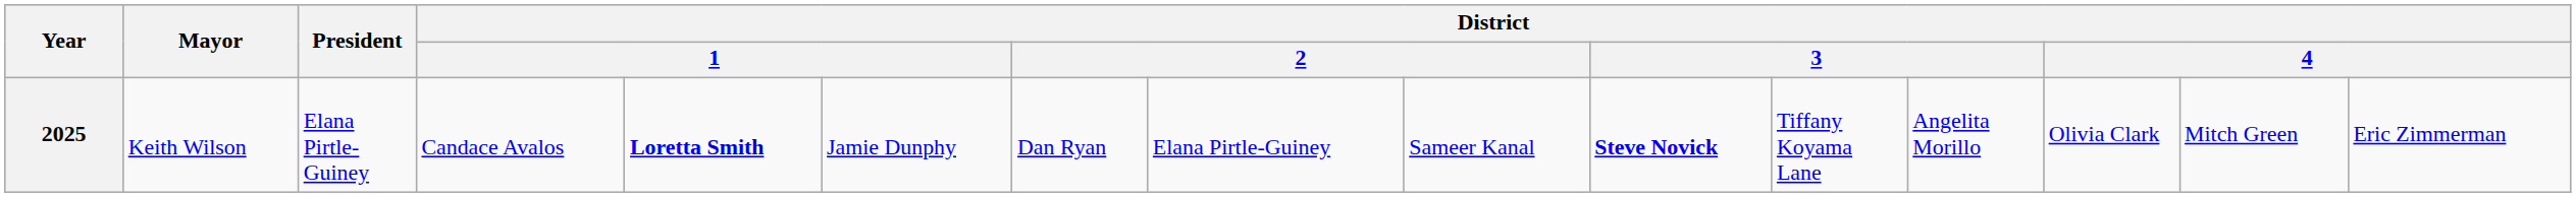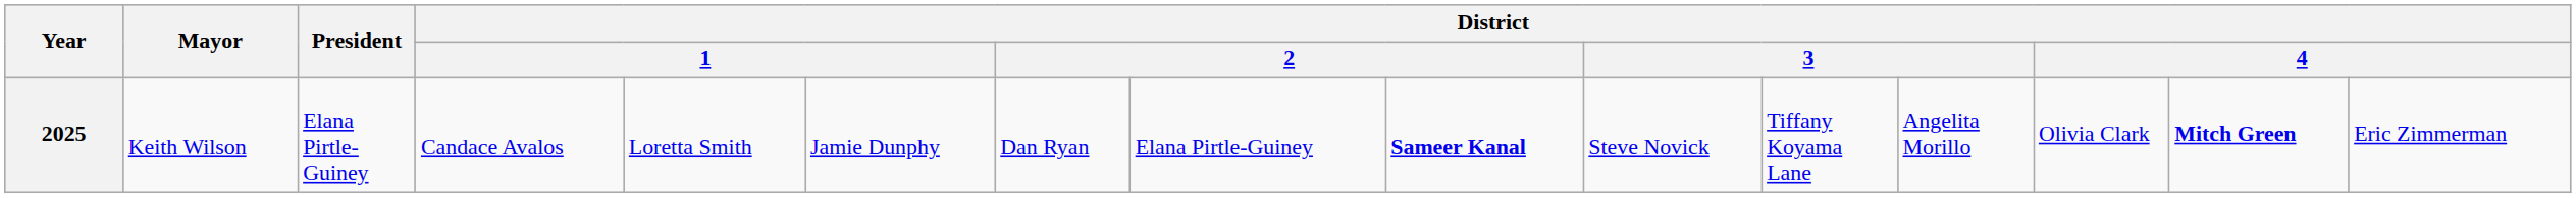 <table class="wikitable" width="100%" style="font-size: 86%;">
 <tr>
 <th rowspan="2" width="4.6%">Year</th>
 <th rowspan="2">Mayor</th>
 <th rowspan="2" width="4.6%">President</th>
 <th colspan="12" align="left">District</th>
 </tr>
 <tr>
 <th colspan="3"><a href='#'>1</a></th>
 <th colspan="3"><a href='#'>2</a></th>
 <th colspan="3"><a href='#'>3</a></th>
 <th colspan="3"><a href='#'>4</a></th>
 </tr>
 <tr>
 <th>2025</th>
 <td><br><a href='#'>Keith Wilson</a></td>
 <td><br><a href='#'>Elana Pirtle-Guiney</a></td>
 <td><br><a href='#'>Candace Avalos</a></td>
-<td><strong><br><a href='#'>Loretta Smith</a></strong></td>
+<td><br><a href='#'>Loretta Smith</a></td>
 <td><br><a href='#'>Jamie Dunphy</a></td>
 <td><br><a href='#'>Dan Ryan</a></td>
 <td><br><a href='#'>Elana Pirtle-Guiney</a></td>
-<td><br><a href='#'>Sameer Kanal</a></td>
-<td><strong><br><a href='#'>Steve Novick</a></strong></td>
+<td><strong><br><a href='#'>Sameer Kanal</a></strong></td>
+<td><br><a href='#'>Steve Novick</a></td>
 <td width="5.3%"><br><a href='#'>Tiffany Koyama Lane</a></td>
 <td width="5.3%"><a href='#'>Angelita Morillo</a></td>
 <td width="5.3%"><a href='#'>Olivia Clark</a></td>
-<td><a href='#'>Mitch Green</a></td>
+<td><strong><a href='#'>Mitch Green</a></strong></td>
 <td><a href='#'>Eric Zimmerman</a></td>
 </tr>
 </table>
